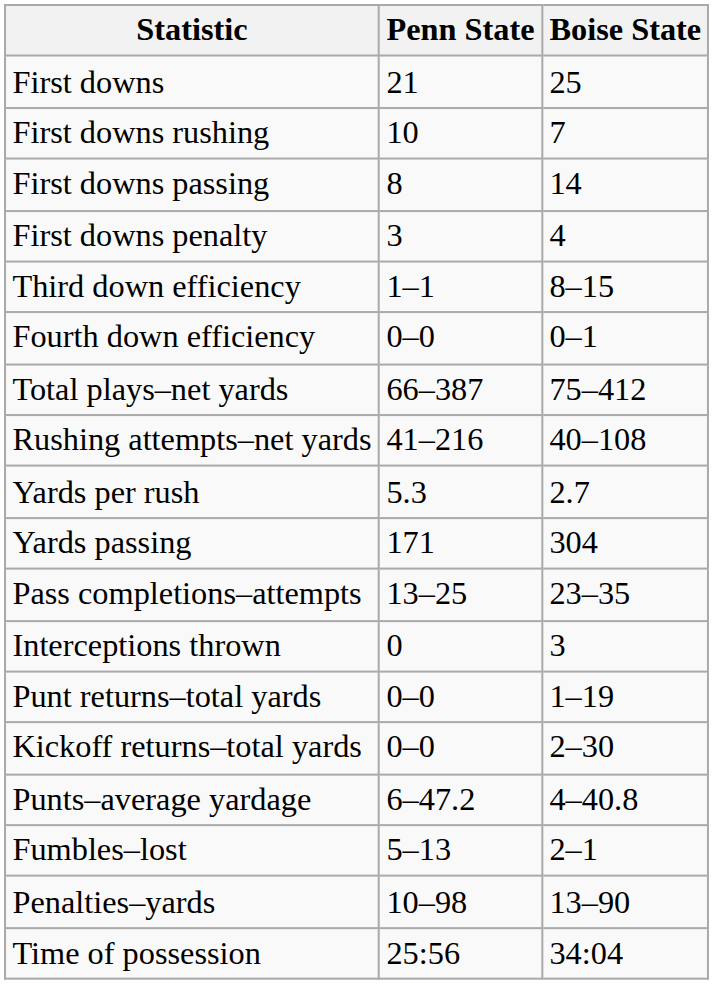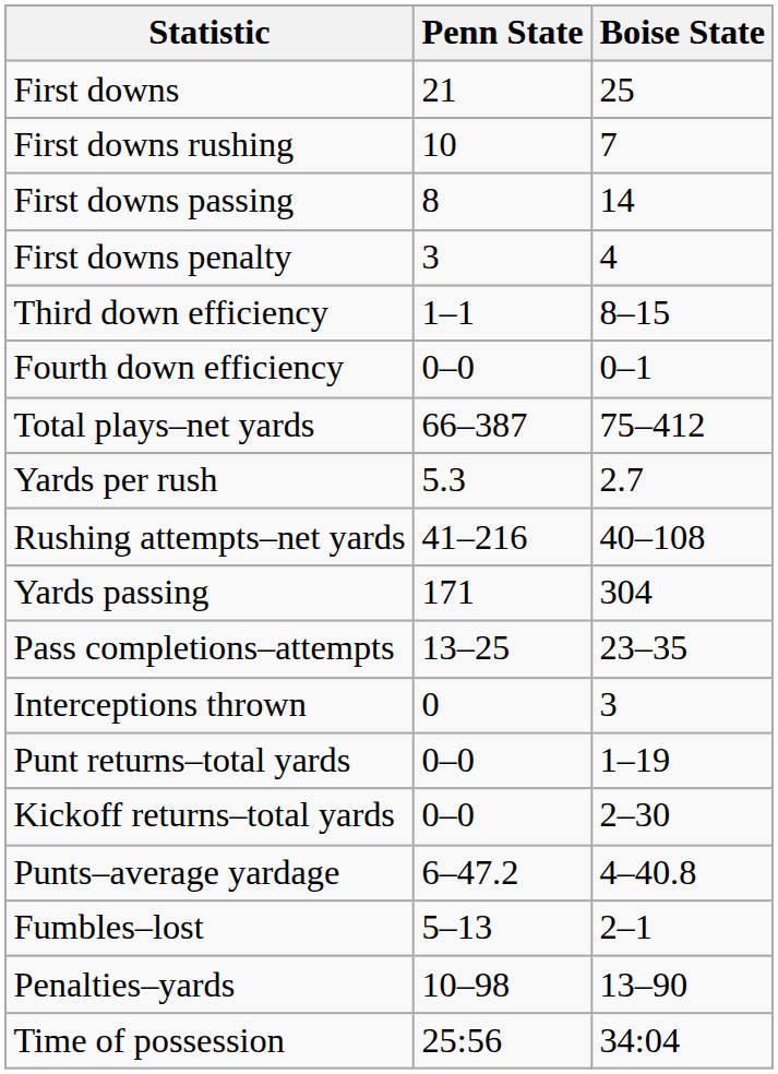 <table class="wikitable">
 <tr>
 <th>Statistic</th>
 <th><strong>Penn State</strong></th>
 <th><strong>Boise State</strong></th>
 </tr>
 <tr>
 <td>First downs</td>
 <td>21</td>
 <td>25</td>
 </tr>
 <tr>
 <td>First downs rushing</td>
 <td>10</td>
 <td>7</td>
 </tr>
 <tr>
 <td>First downs passing</td>
 <td>8</td>
 <td>14</td>
 </tr>
 <tr>
 <td>First downs penalty</td>
 <td>3</td>
 <td>4</td>
 </tr>
 <tr>
 <td>Third down efficiency</td>
 <td>1–1</td>
 <td>8–15</td>
 </tr>
 <tr>
 <td>Fourth down efficiency</td>
 <td>0–0</td>
 <td>0–1</td>
 </tr>
 <tr>
 <td>Total plays–net yards</td>
 <td>66–387</td>
 <td>75–412</td>
 </tr>
 <tr>
+<td>Yards per rush</td>
+<td>5.3</td>
+<td>2.7</td>
+</tr>
+<tr>
 <td>Rushing attempts–net yards</td>
 <td>41–216</td>
 <td>40–108</td>
-</tr>
-<tr>
-<td>Yards per rush</td>
-<td>5.3</td>
-<td>2.7</td>
 </tr>
 <tr>
 <td>Yards passing</td>
 <td>171</td>
 <td>304</td>
 </tr>
 <tr>
 <td>Pass completions–attempts</td>
 <td>13–25</td>
 <td>23–35</td>
 </tr>
 <tr>
 <td>Interceptions thrown</td>
 <td>0</td>
 <td>3</td>
 </tr>
 <tr>
 <td>Punt returns–total yards</td>
 <td>0–0</td>
 <td>1–19</td>
 </tr>
 <tr>
 <td>Kickoff returns–total yards</td>
 <td>0–0</td>
 <td>2–30</td>
 </tr>
 <tr>
 <td>Punts–average yardage</td>
 <td>6–47.2</td>
 <td>4–40.8</td>
 </tr>
 <tr>
 <td>Fumbles–lost</td>
 <td>5–13</td>
 <td>2–1</td>
 </tr>
 <tr>
 <td>Penalties–yards</td>
 <td>10–98</td>
 <td>13–90</td>
 </tr>
 <tr>
 <td>Time of possession</td>
 <td>25:56</td>
 <td>34:04</td>
 </tr>
 </table>
